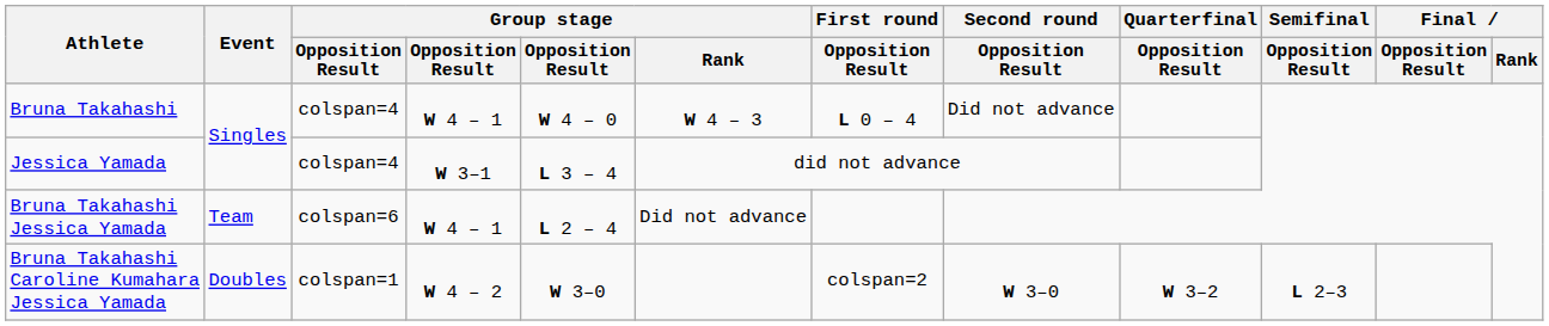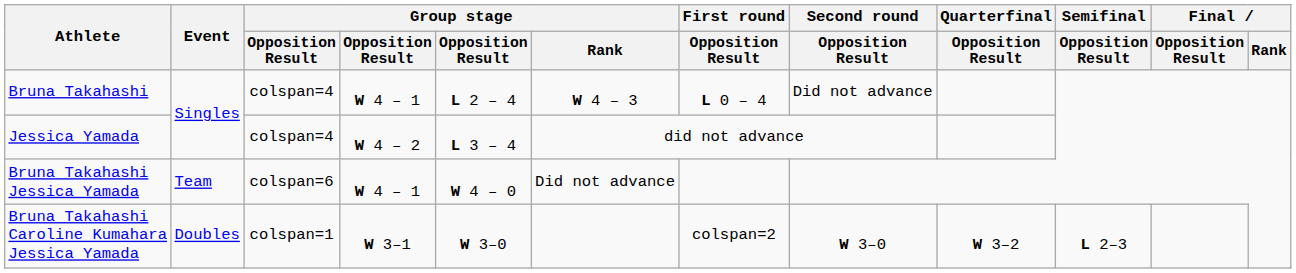 <table class=wikitable style=font-size:90%;text-align:center>
 <tr>
 <th rowspan=2>Athlete</th>
 <th rowspan=2>Event</th>
 <th colspan=4>Group stage</th>
 <th>First round</th>
 <th>Second round</th>
 <th>Quarterfinal</th>
 <th>Semifinal</th>
 <th colspan=2>Final / </th>
 </tr>
 <tr style=font-size:95%>
 <th>Opposition<br>Result</th>
 <th>Opposition<br>Result</th>
 <th>Opposition<br>Result</th>
 <th>Rank</th>
 <th>Opposition<br>Result</th>
 <th>Opposition<br>Result</th>
 <th>Opposition<br>Result</th>
 <th>Opposition<br>Result</th>
 <th>Opposition<br>Result</th>
 <th>Rank</th>
 </tr>
 <tr>
 <td align=left><a href='#'>Bruna Takahashi</a></td>
 <td align=left rowspan=2><a href='#'>Singles</a></td>
 <td>colspan=4 </td>
 <td><br><strong>W</strong> 4 – 1</td>
-<td><br><strong>W</strong> 4 – 0</td>
+<td><br><strong>L</strong> 2 – 4</td>
 <td><br><strong>W</strong> 4 – 3</td>
 <td><br><strong>L</strong> 0 – 4</td>
 <td>Did not advance</td>
 <td></td>
 </tr>
 <tr>
 <td align=left><a href='#'>Jessica Yamada</a></td>
 <td>colspan=4 </td>
-<td><br><strong>W</strong> 3–1</td>
+<td><br><strong>W</strong> 4 – 2</td>
 <td><br><strong>L</strong> 3 – 4</td>
 <td colspan=3>did not advance</td>
 <td></td>
 </tr>
 <tr>
 <td align=left><a href='#'>Bruna Takahashi</a><br><a href='#'>Jessica Yamada</a></td>
 <td align=left><a href='#'>Team</a></td>
 <td>colspan=6 </td>
 <td><br><strong>W</strong> 4 – 1</td>
-<td><br><strong>L</strong> 2 – 4</td>
+<td><br><strong>W</strong> 4 – 0</td>
 <td>Did not advance</td>
 <td></td>
 </tr>
 <tr>
 <td align=left><a href='#'>Bruna Takahashi</a><br><a href='#'>Caroline Kumahara</a><br><a href='#'>Jessica Yamada</a></td>
 <td align=left><a href='#'>Doubles</a></td>
 <td>colspan=1 </td>
-<td><br><strong>W</strong> 4 – 2</td>
+<td><br><strong>W</strong> 3–1</td>
 <td><br><strong>W</strong> 3–0</td>
 <td></td>
 <td>colspan=2 </td>
 <td><br><strong>W</strong> 3–0</td>
 <td><br><strong>W</strong> 3–2</td>
 <td><br><strong>L</strong> 2–3</td>
 <td></td>
 </tr>
 </table>
